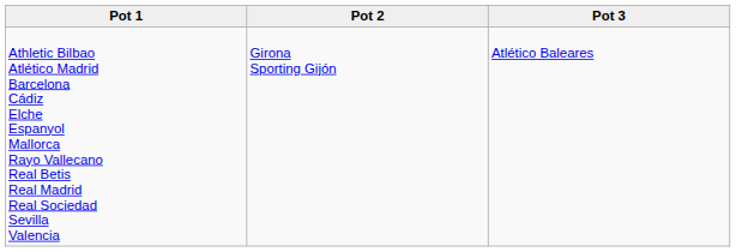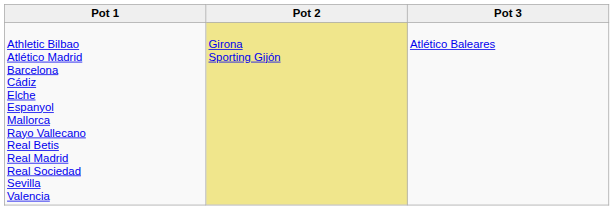 <table class="wikitable" style="font-size:90%">
 <tr bgcolor=#efefef align=center>
 <td width=15%><strong>Pot 1</strong><br></td>
 <td width=15%><strong>Pot 2</strong><br></td>
 <td width=15%><strong>Pot 3</strong><br></td>
 </tr>
 <tr valign=top>
 <td><br><a href='#'>Athletic Bilbao</a><br> <a href='#'>Atlético Madrid</a><br> <a href='#'>Barcelona</a><br> <a href='#'>Cádiz</a><br> <a href='#'>Elche</a><br> <a href='#'>Espanyol</a><br> <a href='#'>Mallorca</a><br> <a href='#'>Rayo Vallecano</a><br> <a href='#'>Real Betis</a><br> <a href='#'>Real Madrid</a><br> <a href='#'>Real Sociedad</a><br> <a href='#'>Sevilla</a><br> <a href='#'>Valencia</a></td>
-<td><br><a href='#'>Girona</a><br> <a href='#'>Sporting Gijón</a></td>
+<td style="background: khaki;"><br><a href='#'>Girona</a><br> <a href='#'>Sporting Gijón</a></td>
 <td><br><a href='#'>Atlético Baleares</a></td>
 </tr>
 </table>
